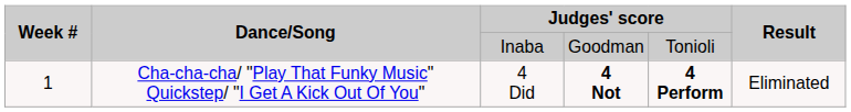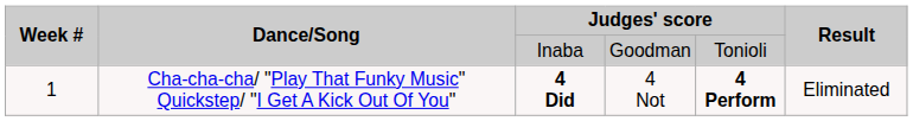 <table class="wikitable" border="1" style="float:left;">
 <tr>
 <td rowspan="2" bgcolor="#CCCCCC" align="Center"><strong>Week #</strong></td>
 <td rowspan="2" bgcolor="#CCCCCC" align="Center"><strong>Dance/Song</strong></td>
 <td colspan="3" bgcolor="#CCCCCC" align="Center"><strong>Judges' score</strong></td>
 <td rowspan="2" bgcolor="#CCCCCC" align="Center"><strong>Result</strong></td>
 </tr>
 <tr>
 <td bgcolor="#CCCCCC" width="10%" align="center">Inaba</td>
 <td bgcolor="#CCCCCC" width="10%" align="center">Goodman</td>
 <td bgcolor="#CCCCCC" width="10%" align="center">Tonioli</td>
 </tr>
 <tr>
 <td align="center" bgcolor="#FAF6F6">1</td>
 <td align="center" bgcolor="#FAF6F6"><a href='#'>Cha-cha-cha</a>/ "<a href='#'>Play That Funky Music</a>" <br> <a href='#'>Quickstep</a>/ "<a href='#'>I Get A Kick Out Of You</a>"</td>
-<td align="center" bgcolor="#FAF6F6">4 <br> Did</td>
-<td align="center" bgcolor="#FAF6F6"><strong>4 <br> Not</strong></td>
+<td align="center" bgcolor="#FAF6F6"><strong>4 <br> Did</strong></td>
+<td align="center" bgcolor="#FAF6F6">4 <br> Not</td>
 <td align="center" bgcolor="#FAF6F6"><strong>4 <br> Perform</strong></td>
 <td align="center" bgcolor="#FAF6F6">Eliminated</td>
 </tr>
 </table>
